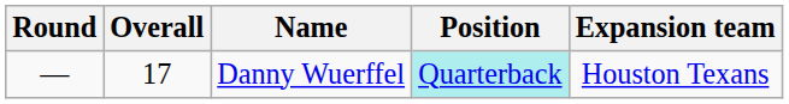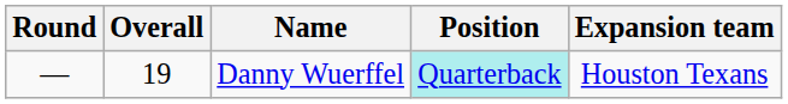 <table class="wikitable" style="text-align:center">
 <tr>
 <th>Round</th>
 <th>Overall</th>
 <th>Name</th>
 <th>Position</th>
 <th>Expansion team</th>
 </tr>
 <tr>
 <td>—</td>
-<td>17</td>
+<td>19</td>
 <td><a href='#'>Danny Wuerffel</a></td>
 <td style="background: paleturquoise;"><a href='#'>Quarterback</a></td>
 <td><a href='#'>Houston Texans</a></td>
 </tr>
 </table>
